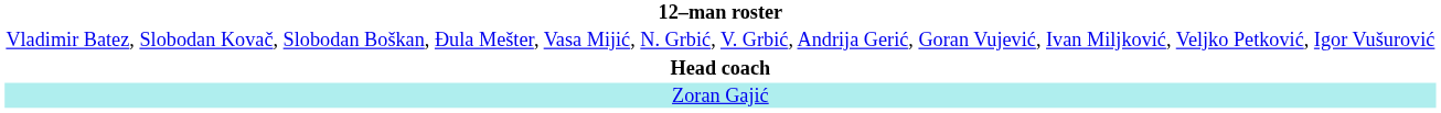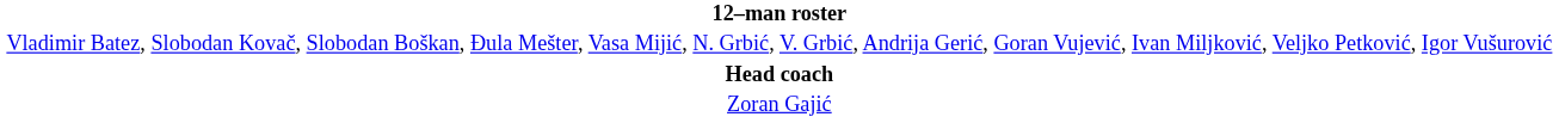 <table style="text-align:center; margin-top:2em; margin-left:auto; margin-right:auto">
 <tr>
 <td><strong>12–man roster</strong></td>
 </tr>
 <tr>
 <td><a href='#'>Vladimir Batez</a>, <a href='#'>Slobodan Kovač</a>, <a href='#'>Slobodan Boškan</a>, <a href='#'>Đula Mešter</a>, <a href='#'>Vasa Mijić</a>, <a href='#'>N. Grbić</a>, <a href='#'>V. Grbić</a>, <a href='#'>Andrija Gerić</a>, <a href='#'>Goran Vujević</a>, <a href='#'>Ivan Miljković</a>, <a href='#'>Veljko Petković</a>, <a href='#'>Igor Vušurović</a></td>
 </tr>
 <tr>
 <td><strong>Head coach</strong></td>
 </tr>
 <tr>
-<td style="background: paleturquoise;"><a href='#'>Zoran Gajić</a></td>
+<td><a href='#'>Zoran Gajić</a></td>
 </tr>
 </table>
